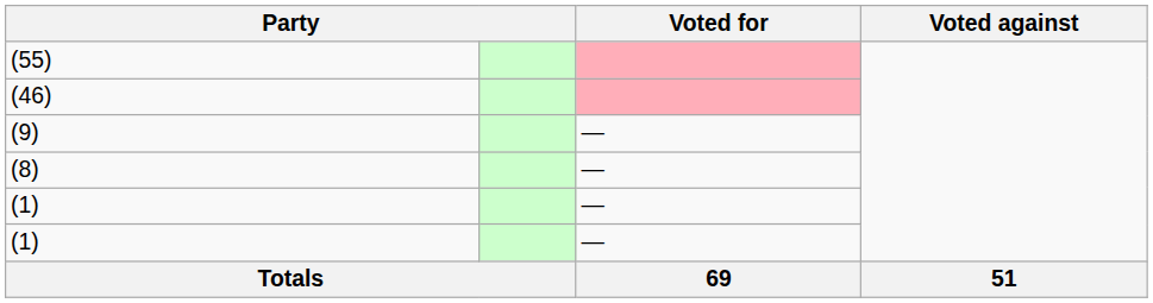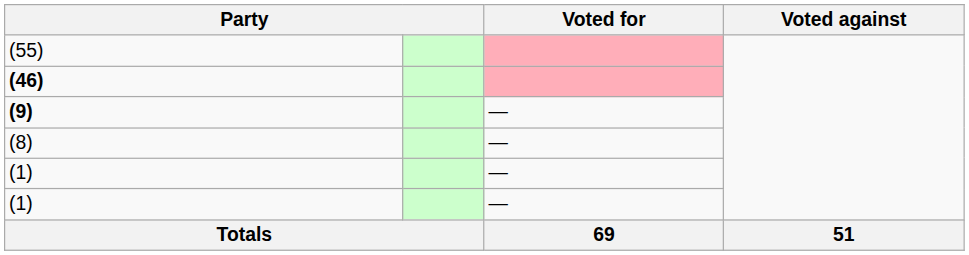 <table class="wikitable" style="width:40%;">
 <tr>
 <th style="width:20%;" colspan="2">Party</th>
 <th style="width:10%;">Voted for</th>
 <th style="width:10%;">Voted against</th>
 </tr>
 <tr>
 <td> (55)</td>
 <td style="background-color:#CCFFCC;"></td>
 <td style="background-color:#FFAEB9;"></td>
 </tr>
 <tr>
-<td> (46)</td>
+<td><strong> (46)</strong></td>
 <td style="background-color:#CCFFCC;"></td>
 <td style="background-color:#FFAEB9;"></td>
 </tr>
 <tr>
-<td> (9)</td>
+<td><strong> (9)</strong></td>
 <td style="background-color:#CCFFCC;"></td>
 <td>—</td>
 </tr>
 <tr>
 <td> (8)</td>
 <td style="background-color:#CCFFCC;"></td>
 <td>—</td>
 </tr>
 <tr>
 <td> (1)</td>
 <td style="background-color:#CCFFCC;"></td>
 <td>—</td>
 </tr>
 <tr>
 <td> (1)</td>
 <td style="background-color:#CCFFCC;"></td>
 <td>—</td>
 </tr>
 <tr>
 <th colspan=2>Totals</th>
 <th>69</th>
 <th>51</th>
 </tr>
 </table>
